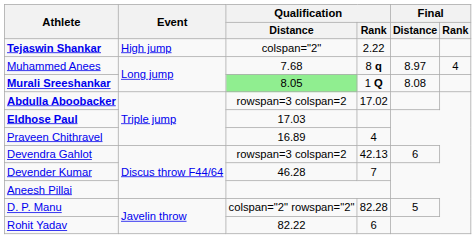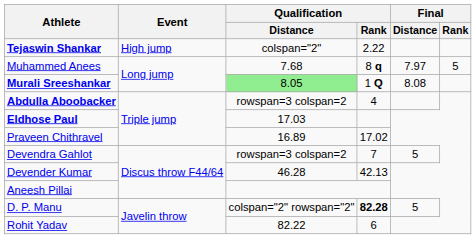 <table class="wikitable" style="font-size:90%; text-align:center">
 <tr>
 <th rowspan=2>Athlete</th>
 <th rowspan=2>Event</th>
 <th colspan=2>Qualification</th>
 <th colspan=2>Final</th>
 </tr>
 <tr style="font-size:95%">
 <th>Distance</th>
 <th>Rank</th>
 <th>Distance</th>
 <th>Rank</th>
 </tr>
 <tr>
 <td align=left><strong><a href='#'>Tejaswin Shankar</a></strong></td>
 <td align=left><a href='#'>High jump</a></td>
 <td>colspan="2"</td>
 <td>2.22</td>
 <td></td>
 </tr>
 <tr>
 <td align=left><a href='#'>Muhammed Anees</a></td>
 <td align=left rowspan=2><a href='#'>Long jump</a></td>
 <td>7.68</td>
 <td>8 <strong>q</strong></td>
-<td>8.97</td>
-<td>4</td>
+<td>7.97</td>
+<td>5</td>
 </tr>
 <tr>
 <td align=left><strong><a href='#'>Murali Sreeshankar</a></strong></td>
 <td style="background: lightgreen;">8.05</td>
 <td>1 <strong>Q</strong></td>
 <td>8.08</td>
 <td></td>
 </tr>
 <tr>
 <td align=left><strong><a href='#'>Abdulla Aboobacker</a></strong></td>
 <td align=left rowspan=3><a href='#'>Triple jump</a></td>
 <td>rowspan=3 colspan=2 </td>
-<td>17.02</td>
+<td>4</td>
 <td></td>
 </tr>
 <tr>
 <td align=left><strong><a href='#'>Eldhose Paul</a></strong></td>
 <td>17.03</td>
 <td></td>
 </tr>
 <tr>
 <td align=left><a href='#'>Praveen Chithravel</a></td>
 <td>16.89</td>
-<td>4</td>
+<td>17.02</td>
 </tr>
 <tr>
 <td align=left><a href='#'>Devendra Gahlot</a></td>
 <td align=left rowspan=3><a href='#'>Discus throw F44/64</a></td>
 <td>rowspan=3 colspan=2 </td>
-<td>42.13</td>
-<td>6</td>
+<td>7</td>
+<td>5</td>
 </tr>
 <tr>
 <td align=left><a href='#'>Devender Kumar</a></td>
 <td>46.28</td>
-<td>7</td>
+<td>42.13</td>
 </tr>
 <tr>
 <td align=left><a href='#'>Aneesh Pillai</a></td>
 <td colspan=2></td>
 </tr>
 <tr>
 <td align="left"><a href='#'>D. P. Manu</a></td>
 <td align=left rowspan="2"><a href='#'>Javelin throw</a></td>
 <td>colspan="2" rowspan="2"</td>
-<td>82.28</td>
+<td><strong>82.28</strong></td>
 <td>5</td>
 </tr>
 <tr>
 <td align=left><a href='#'>Rohit Yadav</a></td>
 <td>82.22</td>
 <td>6</td>
 </tr>
 </table>
